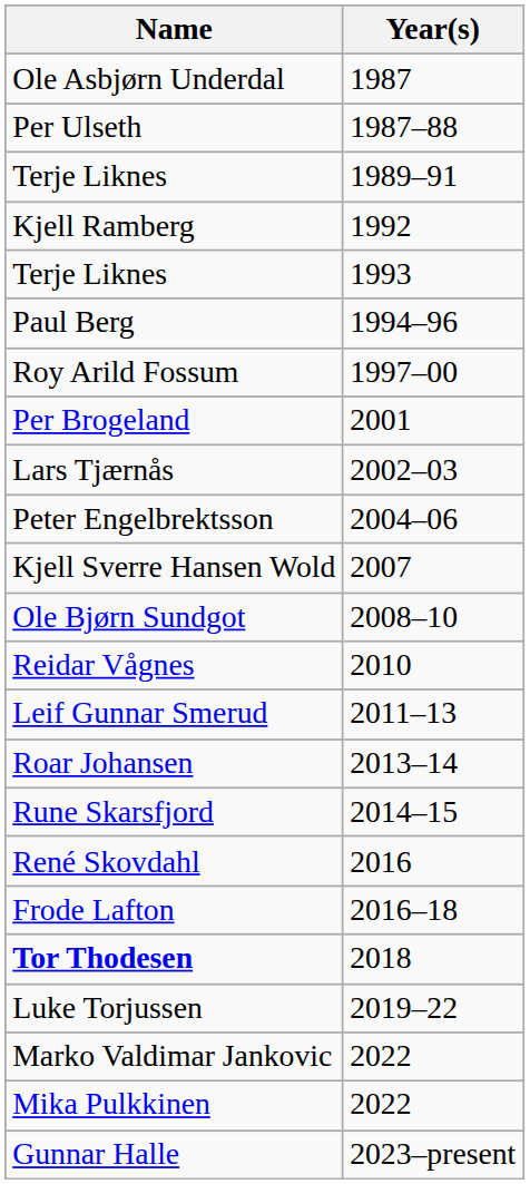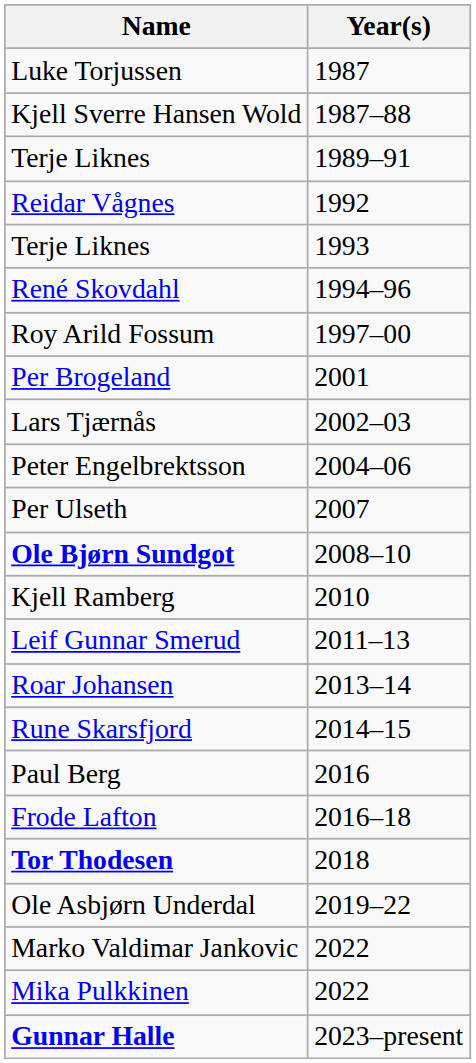 <table class="wikitable">
 <tr>
 <th>Name</th>
 <th>Year(s)</th>
 </tr>
 <tr>
-<td> Ole Asbjørn Underdal</td>
+<td> Luke Torjussen</td>
 <td>1987</td>
 </tr>
 <tr>
-<td> Per Ulseth</td>
+<td> Kjell Sverre Hansen Wold</td>
 <td>1987–88</td>
 </tr>
 <tr>
 <td> Terje Liknes</td>
 <td>1989–91</td>
 </tr>
 <tr>
-<td> Kjell Ramberg</td>
+<td> <a href='#'>Reidar Vågnes</a></td>
 <td>1992</td>
 </tr>
 <tr>
 <td> Terje Liknes</td>
 <td>1993</td>
 </tr>
 <tr>
-<td> Paul Berg</td>
+<td> <a href='#'>René Skovdahl</a></td>
 <td>1994–96</td>
 </tr>
 <tr>
 <td> Roy Arild Fossum</td>
 <td>1997–00</td>
 </tr>
 <tr>
 <td> <a href='#'>Per Brogeland</a></td>
 <td>2001</td>
 </tr>
 <tr>
 <td> Lars Tjærnås</td>
 <td>2002–03</td>
 </tr>
 <tr>
 <td> Peter Engelbrektsson</td>
 <td>2004–06</td>
 </tr>
 <tr>
-<td> Kjell Sverre Hansen Wold</td>
+<td> Per Ulseth</td>
 <td>2007</td>
 </tr>
 <tr>
-<td> <a href='#'>Ole Bjørn Sundgot</a></td>
+<td><strong> <a href='#'>Ole Bjørn Sundgot</a></strong></td>
 <td>2008–10</td>
 </tr>
 <tr>
-<td> <a href='#'>Reidar Vågnes</a></td>
+<td> Kjell Ramberg</td>
 <td>2010</td>
 </tr>
 <tr>
 <td> <a href='#'>Leif Gunnar Smerud</a></td>
 <td>2011–13</td>
 </tr>
 <tr>
 <td> <a href='#'>Roar Johansen</a></td>
 <td>2013–14</td>
 </tr>
 <tr>
 <td> <a href='#'>Rune Skarsfjord</a></td>
 <td>2014–15</td>
 </tr>
 <tr>
-<td> <a href='#'>René Skovdahl</a></td>
+<td> Paul Berg</td>
 <td>2016</td>
 </tr>
 <tr>
 <td> <a href='#'>Frode Lafton</a></td>
 <td>2016–18</td>
 </tr>
 <tr>
 <td><strong> <a href='#'>Tor Thodesen</a></strong></td>
 <td>2018</td>
 </tr>
 <tr>
-<td> Luke Torjussen</td>
+<td> Ole Asbjørn Underdal</td>
 <td>2019–22</td>
 </tr>
 <tr>
 <td> Marko Valdimar Jankovic</td>
 <td>2022</td>
 </tr>
 <tr>
 <td> <a href='#'>Mika Pulkkinen</a></td>
 <td>2022</td>
 </tr>
 <tr>
-<td> <a href='#'>Gunnar Halle</a></td>
+<td><strong> <a href='#'>Gunnar Halle</a></strong></td>
 <td>2023–present</td>
 </tr>
 </table>
